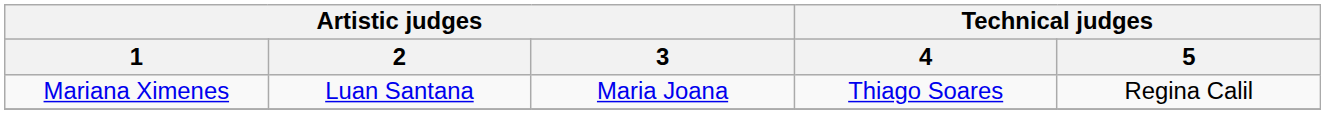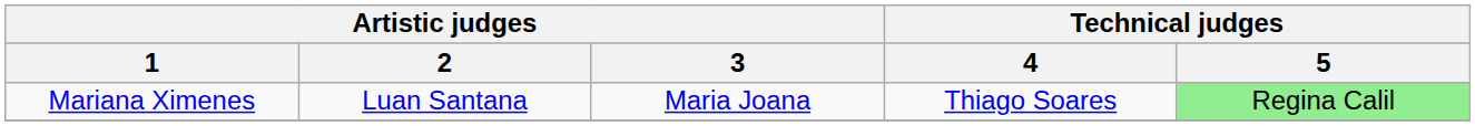 <table class="wikitable" style="font-size:100%; line-height:16px; text-align:center" width="100%">
 <tr>
 <th colspan=3>Artistic judges</th>
 <th colspan=2>Technical judges</th>
 </tr>
 <tr>
 <th style="width:20.0%;">1</th>
 <th style="width:20.0%;">2</th>
 <th style="width:20.0%;">3</th>
 <th style="width:20.0%;">4</th>
 <th style="width:20.0%;">5</th>
 </tr>
 <tr>
 <td><a href='#'>Mariana Ximenes</a></td>
 <td><a href='#'>Luan Santana</a></td>
 <td><a href='#'>Maria Joana</a></td>
 <td><a href='#'>Thiago Soares</a></td>
-<td>Regina Calil</td>
+<td style="background: lightgreen;">Regina Calil</td>
 </tr>
 <tr>
 </tr>
 </table>
